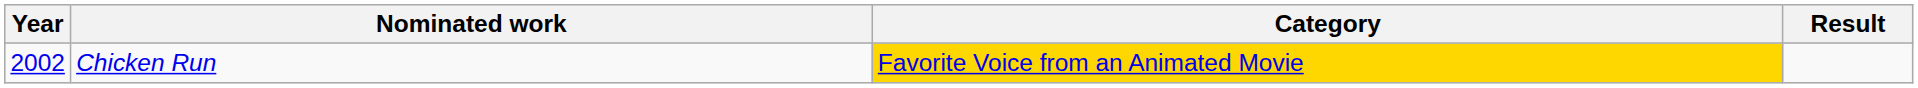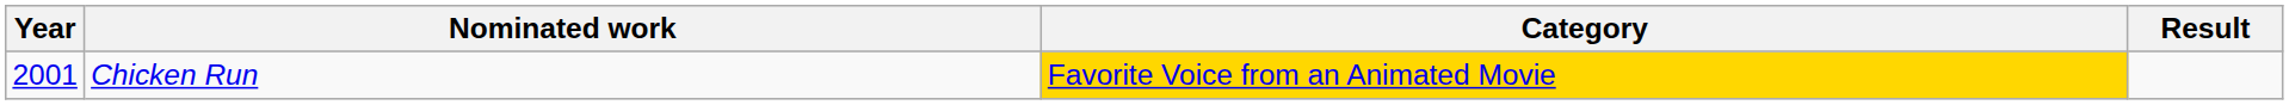 <table class="wikitable">
 <tr>
 <th scope="col" style="width:1em;">Year</th>
 <th scope="col" style="width:35em;">Nominated work</th>
 <th scope="col" style="width:40em;">Category</th>
 <th scope="col" style="width:5em;">Result</th>
 </tr>
 <tr>
-<td><a href='#'>2002</a></td>
+<td><a href='#'>2001</a></td>
 <td><em><a href='#'>Chicken Run</a></em></td>
 <td style="background: gold;"><a href='#'>Favorite Voice from an Animated Movie</a></td>
 <td></td>
 </tr>
 </table>
